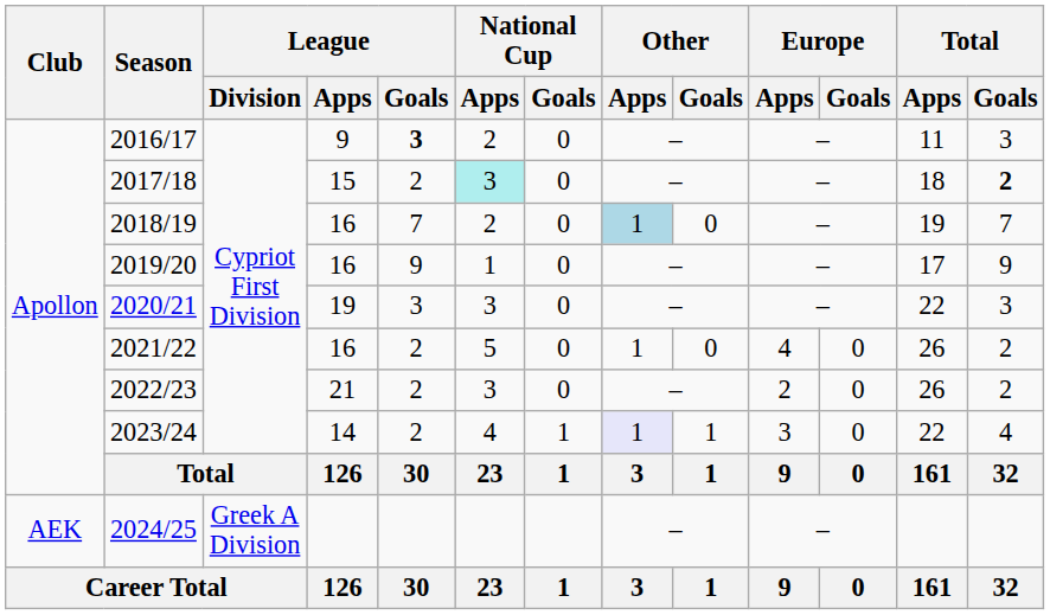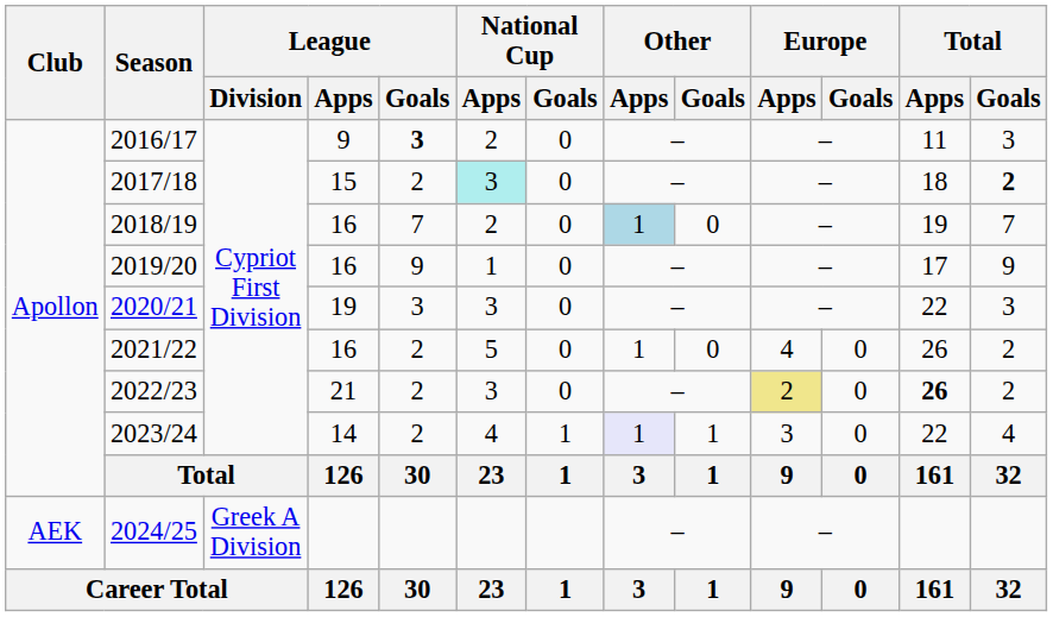 <table class="wikitable" style="text-align:center">
 <tr>
 <th rowspan="2">Club</th>
 <th rowspan="2">Season</th>
 <th colspan="3">League</th>
 <th colspan="2">National Cup</th>
 <th colspan="2">Other</th>
 <th colspan="2">Europe</th>
 <th colspan="2">Total</th>
 </tr>
 <tr>
 <th>Division</th>
 <th>Apps</th>
 <th>Goals</th>
 <th>Apps</th>
 <th>Goals</th>
 <th>Apps</th>
 <th>Goals</th>
 <th>Apps</th>
 <th>Goals</th>
 <th>Apps</th>
 <th>Goals</th>
 </tr>
 <tr>
 <td rowspan="9"><a href='#'>Apollon</a></td>
 <td>2016/17</td>
 <td rowspan="8"><a href='#'>Cypriot First Division</a></td>
 <td>9</td>
 <td><strong>3</strong></td>
 <td>2</td>
 <td>0</td>
 <td colspan="2">–</td>
 <td colspan="2">–</td>
 <td>11</td>
 <td>3</td>
 </tr>
 <tr>
 <td>2017/18</td>
 <td>15</td>
 <td>2</td>
 <td style="background: paleturquoise;">3</td>
 <td>0</td>
 <td colspan="2">–</td>
 <td colspan="2">–</td>
 <td>18</td>
 <td><strong>2</strong></td>
 </tr>
 <tr>
 <td>2018/19</td>
 <td>16</td>
 <td>7</td>
 <td>2</td>
 <td>0</td>
 <td style="background: lightblue;">1</td>
 <td>0</td>
 <td colspan="2">–</td>
 <td>19</td>
 <td>7</td>
 </tr>
 <tr>
 <td>2019/20</td>
 <td>16</td>
 <td>9</td>
 <td>1</td>
 <td>0</td>
 <td colspan="2">–</td>
 <td colspan="2">–</td>
 <td>17</td>
 <td>9</td>
 </tr>
 <tr>
 <td><a href='#'>2020/21</a></td>
 <td>19</td>
 <td>3</td>
 <td>3</td>
 <td>0</td>
 <td colspan="2">–</td>
 <td colspan="2">–</td>
 <td>22</td>
 <td>3</td>
 </tr>
 <tr>
 <td>2021/22</td>
 <td>16</td>
 <td>2</td>
 <td>5</td>
 <td>0</td>
 <td>1</td>
 <td>0</td>
 <td>4</td>
 <td>0</td>
 <td>26</td>
 <td>2</td>
 </tr>
 <tr>
 <td>2022/23</td>
 <td>21</td>
 <td>2</td>
 <td>3</td>
 <td>0</td>
 <td colspan="2">–</td>
-<td>2</td>
+<td style="background: khaki;">2</td>
 <td>0</td>
-<td>26</td>
+<td><strong>26</strong></td>
 <td>2</td>
 </tr>
 <tr>
 <td>2023/24</td>
 <td>14</td>
 <td>2</td>
 <td>4</td>
 <td>1</td>
 <td style="background: lavender;">1</td>
 <td>1</td>
 <td>3</td>
 <td>0</td>
 <td>22</td>
 <td>4</td>
 </tr>
 <tr>
 <th colspan="2">Total</th>
 <th>126</th>
 <th>30</th>
 <th>23</th>
 <th>1</th>
 <th>3</th>
 <th>1</th>
 <th>9</th>
 <th>0</th>
 <th>161</th>
 <th>32</th>
 </tr>
 <tr>
 <td><a href='#'>AEK</a></td>
 <td><a href='#'>2024/25</a></td>
 <td><a href='#'>Greek A Division</a></td>
 <td></td>
 <td></td>
 <td></td>
 <td></td>
 <td colspan="2">–</td>
 <td colspan="2">–</td>
 <td></td>
 <td></td>
 </tr>
 <tr>
 <th colspan="3"><strong>Career Total</strong></th>
 <th>126</th>
 <th>30</th>
 <th>23</th>
 <th>1</th>
 <th>3</th>
 <th>1</th>
 <th>9</th>
 <th>0</th>
 <th>161</th>
 <th>32</th>
 </tr>
 </table>
